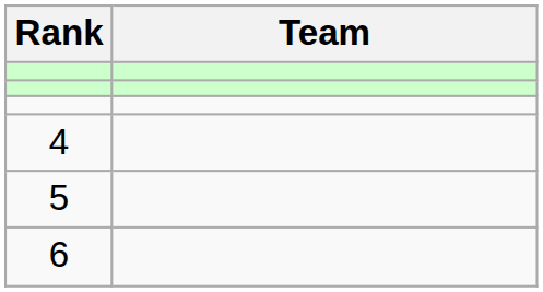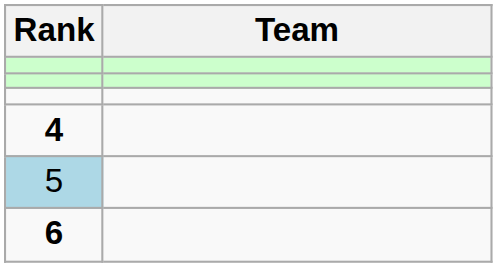 <table class="wikitable" style="text-align: center;">
 <tr>
 <th width=40>Rank</th>
 <th width=180>Team</th>
 </tr>
 <tr bgcolor=ccffcc>
 <td></td>
 <td></td>
 </tr>
 <tr bgcolor=ccffcc>
 <td></td>
 <td></td>
 </tr>
 <tr>
 <td></td>
 <td></td>
 </tr>
 <tr>
-<td>4</td>
+<td><strong>4</strong></td>
 <td></td>
 </tr>
 <tr>
-<td>5</td>
+<td style="background: lightblue;">5</td>
 <td></td>
 </tr>
 <tr>
-<td>6</td>
+<td><strong>6</strong></td>
 <td></td>
 </tr>
 </table>
